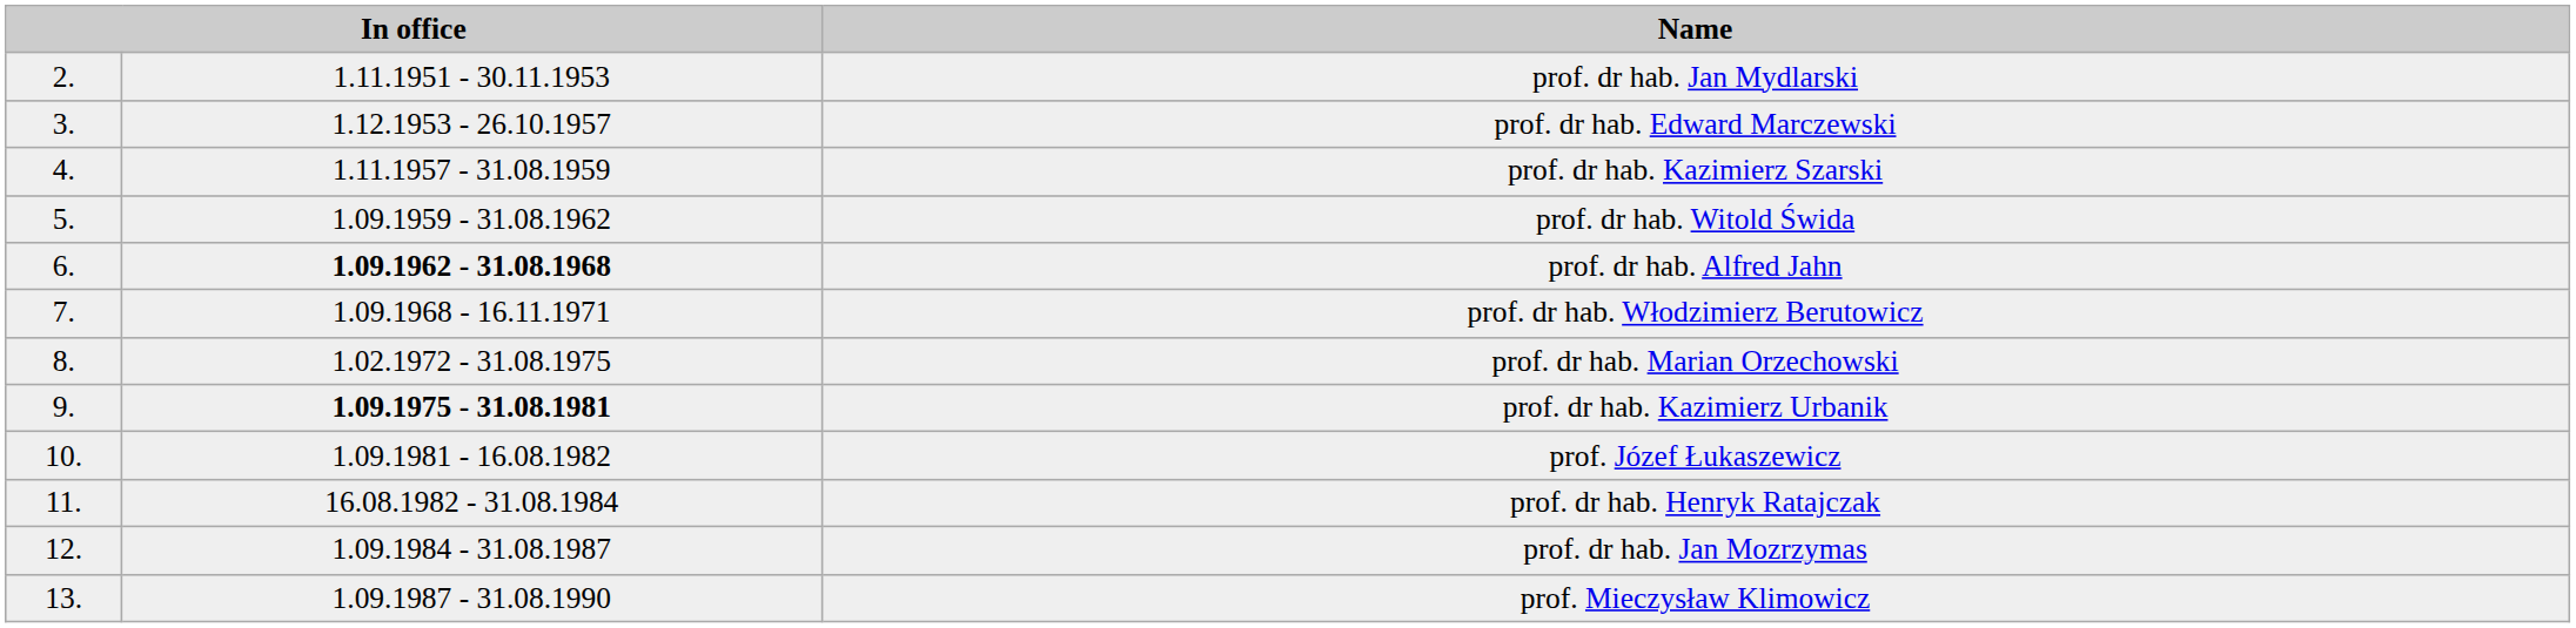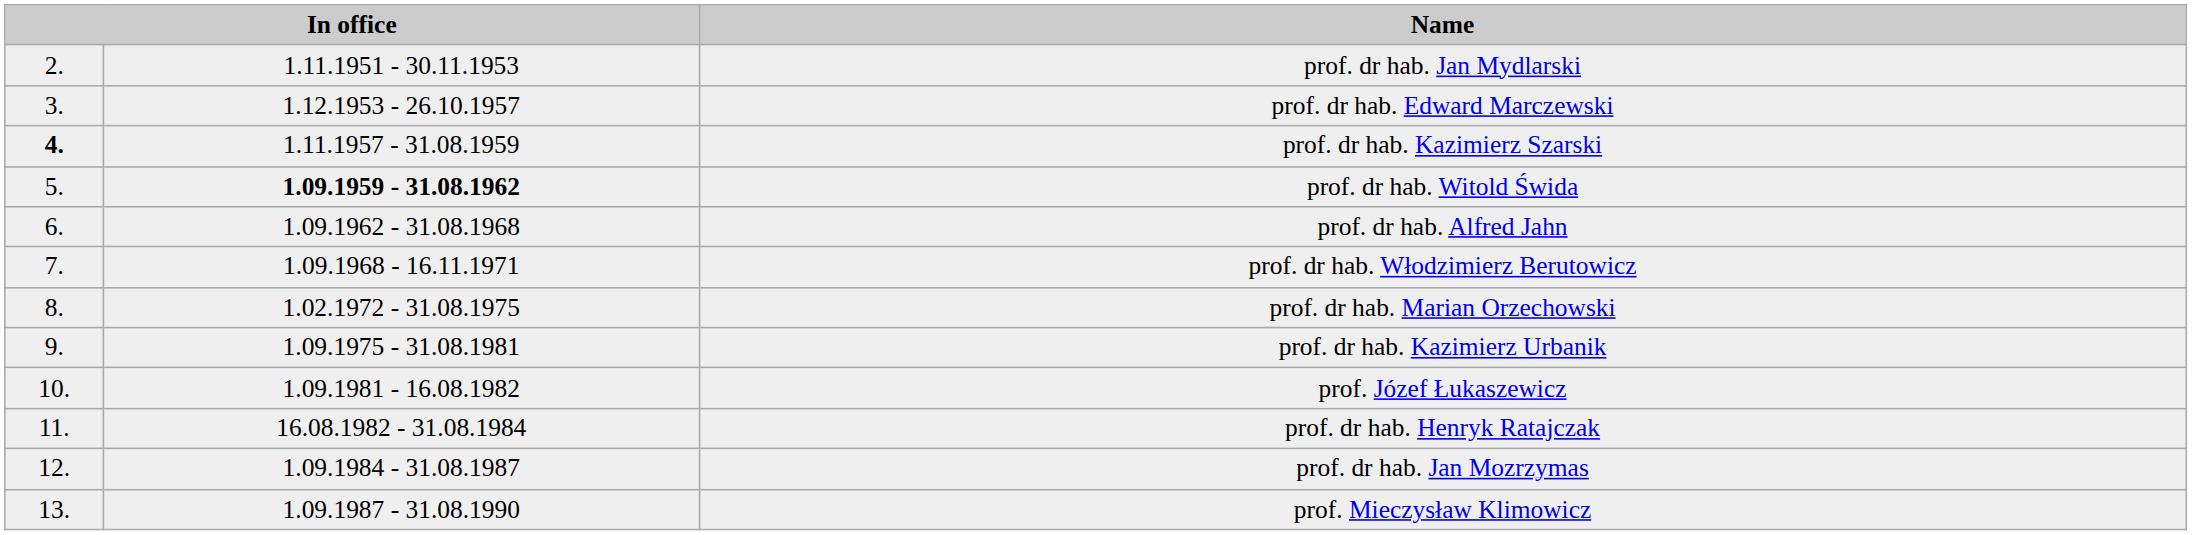 <table class="wikitable" width="">
 <tr align="center" bgcolor="#CCCCCC">
 <td colspan="2" width="14%"><strong>In office</strong></td>
 <td width="30%"><strong>Name</strong></td>
 </tr>
 <tr bgcolor="#EFEFEF">
 <td align=center>2.</td>
 <td align=center>1.11.1951 - 30.11.1953</td>
 <td align=center>prof. dr hab. <a href='#'>Jan Mydlarski</a></td>
 </tr>
 <tr bgcolor="#EFEFEF">
 <td align=center>3.</td>
 <td align=center>1.12.1953 - 26.10.1957</td>
 <td align=center>prof. dr hab. <a href='#'>Edward Marczewski</a></td>
 </tr>
 <tr bgcolor="#EFEFEF">
-<td align=center>4.</td>
+<td align=center><strong>4.</strong></td>
 <td align=center>1.11.1957 - 31.08.1959</td>
 <td align=center>prof. dr hab. <a href='#'>Kazimierz Szarski</a></td>
 </tr>
 <tr bgcolor="#EFEFEF">
 <td align=center>5.</td>
-<td align=center>1.09.1959 - 31.08.1962</td>
+<td align=center><strong>1.09.1959 - 31.08.1962</strong></td>
 <td align=center>prof. dr hab. <a href='#'>Witold Świda</a></td>
 </tr>
 <tr bgcolor="#EFEFEF">
 <td align=center>6.</td>
-<td align=center><strong>1.09.1962 - 31.08.1968</strong></td>
+<td align=center>1.09.1962 - 31.08.1968</td>
 <td align=center>prof. dr hab. <a href='#'>Alfred Jahn</a></td>
 </tr>
 <tr bgcolor="#EFEFEF">
 <td align=center>7.</td>
 <td align=center>1.09.1968 - 16.11.1971</td>
 <td align=center>prof. dr hab. <a href='#'>Włodzimierz Berutowicz</a></td>
 </tr>
 <tr bgcolor="#EFEFEF">
 <td align=center>8.</td>
 <td align=center>1.02.1972 - 31.08.1975</td>
 <td align=center>prof. dr hab. <a href='#'>Marian Orzechowski</a></td>
 </tr>
 <tr bgcolor="#EFEFEF">
 <td align=center>9.</td>
-<td align=center><strong>1.09.1975 - 31.08.1981</strong></td>
+<td align=center>1.09.1975 - 31.08.1981</td>
 <td align=center>prof. dr hab. <a href='#'>Kazimierz Urbanik</a></td>
 </tr>
 <tr bgcolor="#EFEFEF">
 <td align=center>10.</td>
 <td align=center>1.09.1981 - 16.08.1982</td>
 <td align=center>prof. <a href='#'>Józef Łukaszewicz</a></td>
 </tr>
 <tr bgcolor="#EFEFEF">
 <td align=center>11.</td>
 <td align=center>16.08.1982 - 31.08.1984</td>
 <td align=center>prof. dr hab. <a href='#'>Henryk Ratajczak</a></td>
 </tr>
 <tr bgcolor="#EFEFEF">
 <td align=center>12.</td>
 <td align=center>1.09.1984 - 31.08.1987</td>
 <td align=center>prof. dr hab. <a href='#'>Jan Mozrzymas</a></td>
 </tr>
 <tr bgcolor="#EFEFEF">
 <td align=center>13.</td>
 <td align=center>1.09.1987 - 31.08.1990</td>
 <td align=center>prof. <a href='#'>Mieczysław Klimowicz</a></td>
 </tr>
 </table>
